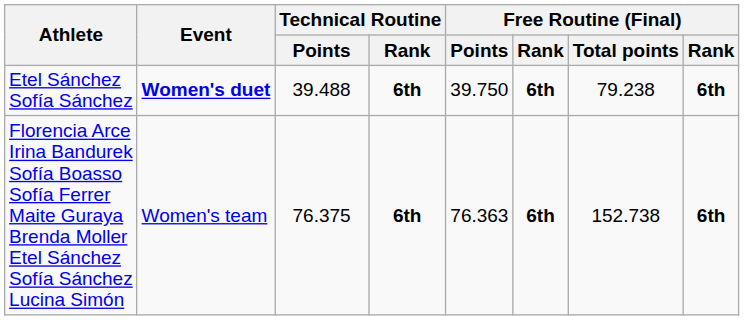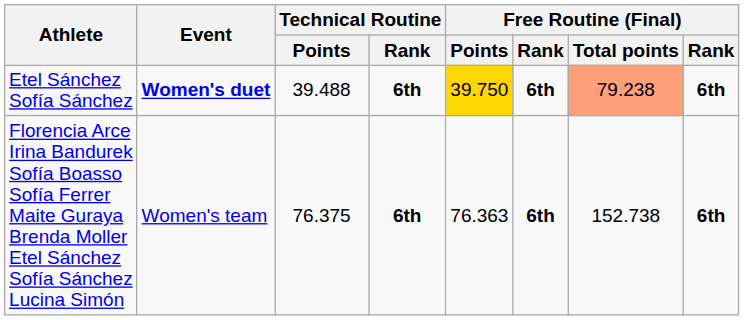 <table class=wikitable style="font-size:90%">
 <tr>
 <th rowspan="2">Athlete</th>
 <th rowspan="2">Event</th>
 <th colspan="2">Technical Routine</th>
 <th colspan="4">Free Routine (Final)</th>
 </tr>
 <tr>
 <th>Points</th>
 <th>Rank</th>
 <th>Points</th>
 <th>Rank</th>
 <th>Total points</th>
 <th>Rank</th>
 </tr>
 <tr>
 <td><a href='#'>Etel Sánchez</a><br><a href='#'>Sofía Sánchez</a></td>
 <td><strong><a href='#'>Women's duet</a></strong></td>
 <td align=center>39.488</td>
 <td align=center><strong>6th</strong></td>
-<td align=center>39.750</td>
+<td align=center style="background: gold;">39.750</td>
 <td align=center><strong>6th</strong></td>
-<td align=center>79.238</td>
+<td align=center style="background: lightsalmon;">79.238</td>
 <td align=center><strong>6th</strong></td>
 </tr>
 <tr>
 <td><a href='#'>Florencia Arce</a><br><a href='#'>Irina Bandurek</a><br><a href='#'>Sofía Boasso</a><br><a href='#'>Sofía Ferrer</a><br><a href='#'>Maite Guraya</a><br><a href='#'>Brenda Moller</a><br><a href='#'>Etel Sánchez</a><br><a href='#'>Sofía Sánchez</a><br><a href='#'>Lucina Simón</a></td>
 <td><a href='#'>Women's team</a></td>
 <td align=center>76.375</td>
 <td align=center><strong>6th</strong></td>
 <td align=center>76.363</td>
 <td align=center><strong>6th</strong></td>
 <td align=center>152.738</td>
 <td align=center><strong>6th</strong></td>
 </tr>
 </table>
